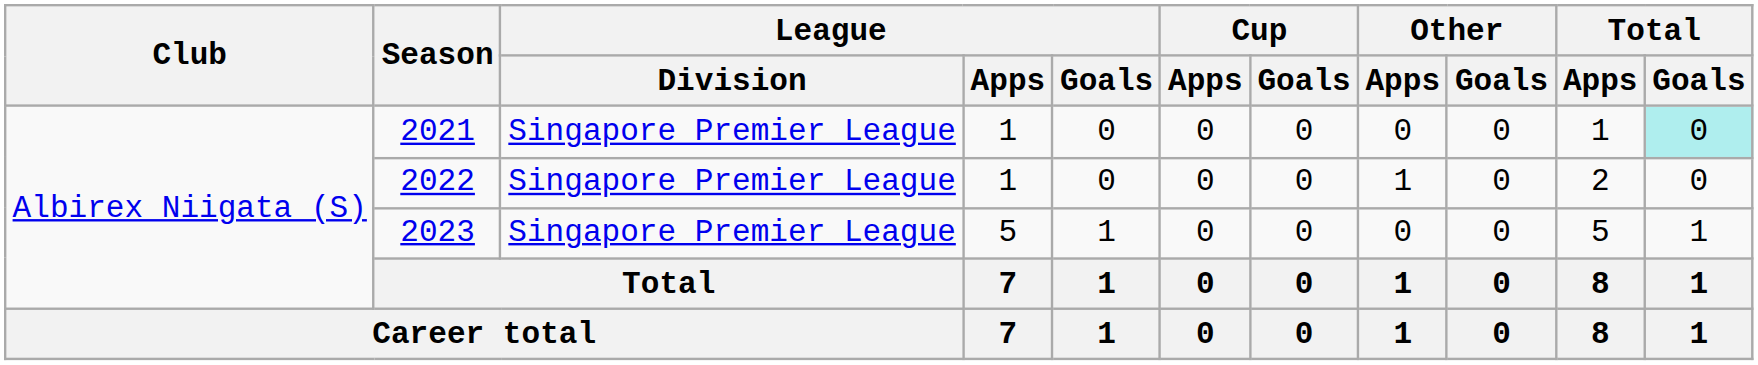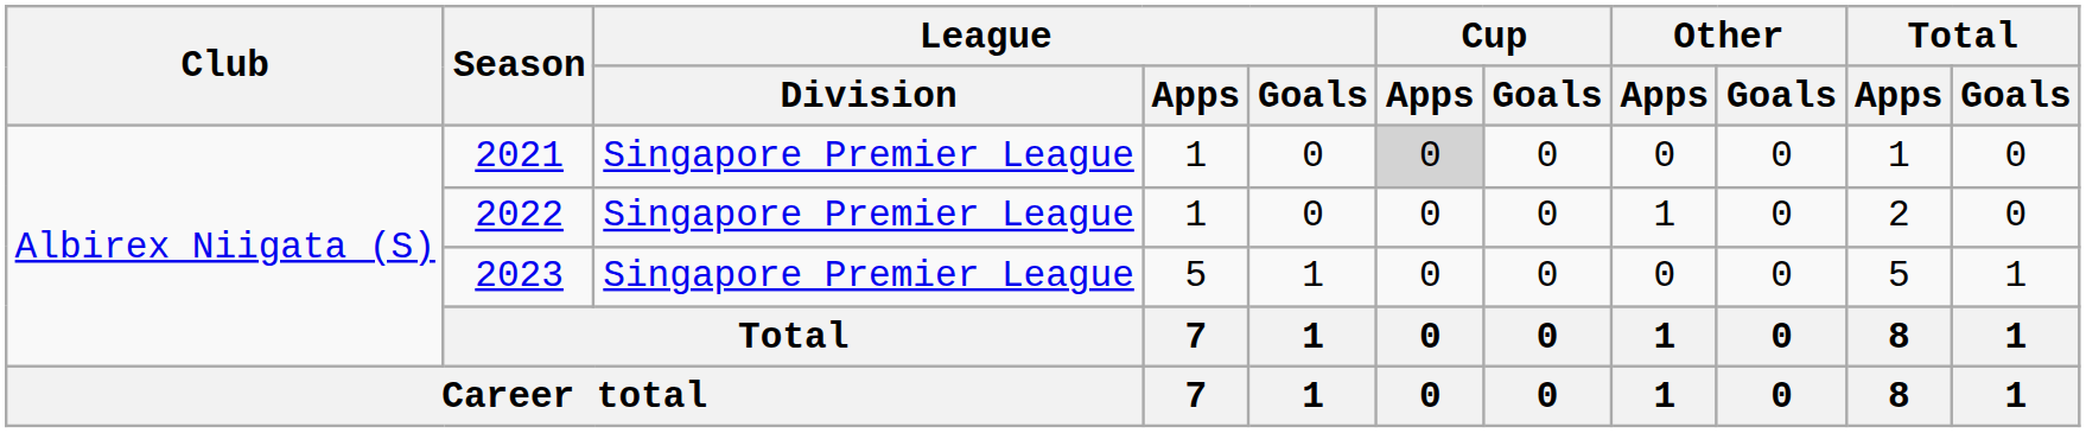 <table class="wikitable" style="text-align: center">
 <tr>
 <th rowspan="2">Club</th>
 <th rowspan="2">Season</th>
 <th colspan="3">League</th>
 <th colspan="2">Cup</th>
 <th colspan="2">Other</th>
 <th colspan="2">Total</th>
 </tr>
 <tr>
 <th>Division</th>
 <th>Apps</th>
 <th>Goals</th>
 <th>Apps</th>
 <th>Goals</th>
 <th>Apps</th>
 <th>Goals</th>
 <th>Apps</th>
 <th>Goals</th>
 </tr>
 <tr>
 <td rowspan="4"><a href='#'>Albirex Niigata (S)</a></td>
 <td><a href='#'>2021</a></td>
 <td><a href='#'>Singapore Premier League</a></td>
 <td>1</td>
 <td>0</td>
-<td>0</td>
+<td style="background: lightgrey;">0</td>
 <td>0</td>
 <td>0</td>
 <td>0</td>
 <td>1</td>
-<td style="background: paleturquoise;">0</td>
+<td>0</td>
 </tr>
 <tr>
 <td><a href='#'>2022</a></td>
 <td><a href='#'>Singapore Premier League</a></td>
 <td>1</td>
 <td>0</td>
 <td>0</td>
 <td>0</td>
 <td>1</td>
 <td>0</td>
 <td>2</td>
 <td>0</td>
 </tr>
 <tr>
 <td><a href='#'>2023</a></td>
 <td><a href='#'>Singapore Premier League</a></td>
 <td>5</td>
 <td>1</td>
 <td>0</td>
 <td>0</td>
 <td>0</td>
 <td>0</td>
 <td>5</td>
 <td>1</td>
 </tr>
 <tr>
 <th colspan=2>Total</th>
 <th>7</th>
 <th>1</th>
 <th>0</th>
 <th>0</th>
 <th>1</th>
 <th>0</th>
 <th>8</th>
 <th>1</th>
 </tr>
 <tr>
 <th colspan=3>Career total</th>
 <th>7</th>
 <th>1</th>
 <th>0</th>
 <th>0</th>
 <th>1</th>
 <th>0</th>
 <th>8</th>
 <th>1</th>
 </tr>
 </table>
